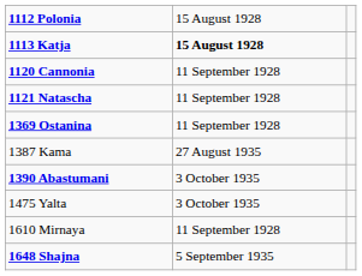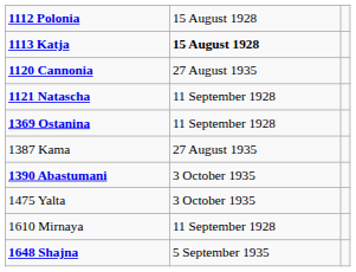 <table class="wikitable" style="font-size: 89%; float: left; width: 26em; margin-right: 1em; height: 280px;">
 <tr>
 <td><strong><a href='#'>1112 Polonia</a></strong></td>
 <td>15 August 1928</td>
 <td></td>
 </tr>
 <tr>
 <td><strong><a href='#'>1113 Katja</a></strong></td>
 <td><strong>15 August 1928</strong></td>
 <td></td>
 </tr>
 <tr>
 <td><strong><a href='#'>1120 Cannonia</a></strong></td>
-<td>11 September 1928</td>
+<td>27 August 1935</td>
 <td></td>
 </tr>
 <tr>
 <td><strong><a href='#'>1121 Natascha</a></strong></td>
 <td>11 September 1928</td>
 <td></td>
 </tr>
 <tr>
 <td><strong><a href='#'>1369 Ostanina</a></strong></td>
 <td>11 September 1928</td>
 <td></td>
 </tr>
 <tr>
 <td>1387 Kama</td>
 <td>27 August 1935</td>
 <td></td>
 </tr>
 <tr>
 <td><strong><a href='#'>1390 Abastumani</a></strong></td>
 <td>3 October 1935</td>
 <td></td>
 </tr>
 <tr>
 <td>1475 Yalta</td>
 <td>3 October 1935</td>
 <td></td>
 </tr>
 <tr>
 <td>1610 Mirnaya</td>
 <td>11 September 1928</td>
 <td></td>
 </tr>
 <tr>
 <td><strong><a href='#'>1648 Shajna</a></strong></td>
 <td>5 September 1935</td>
 <td></td>
 </tr>
 </table>
